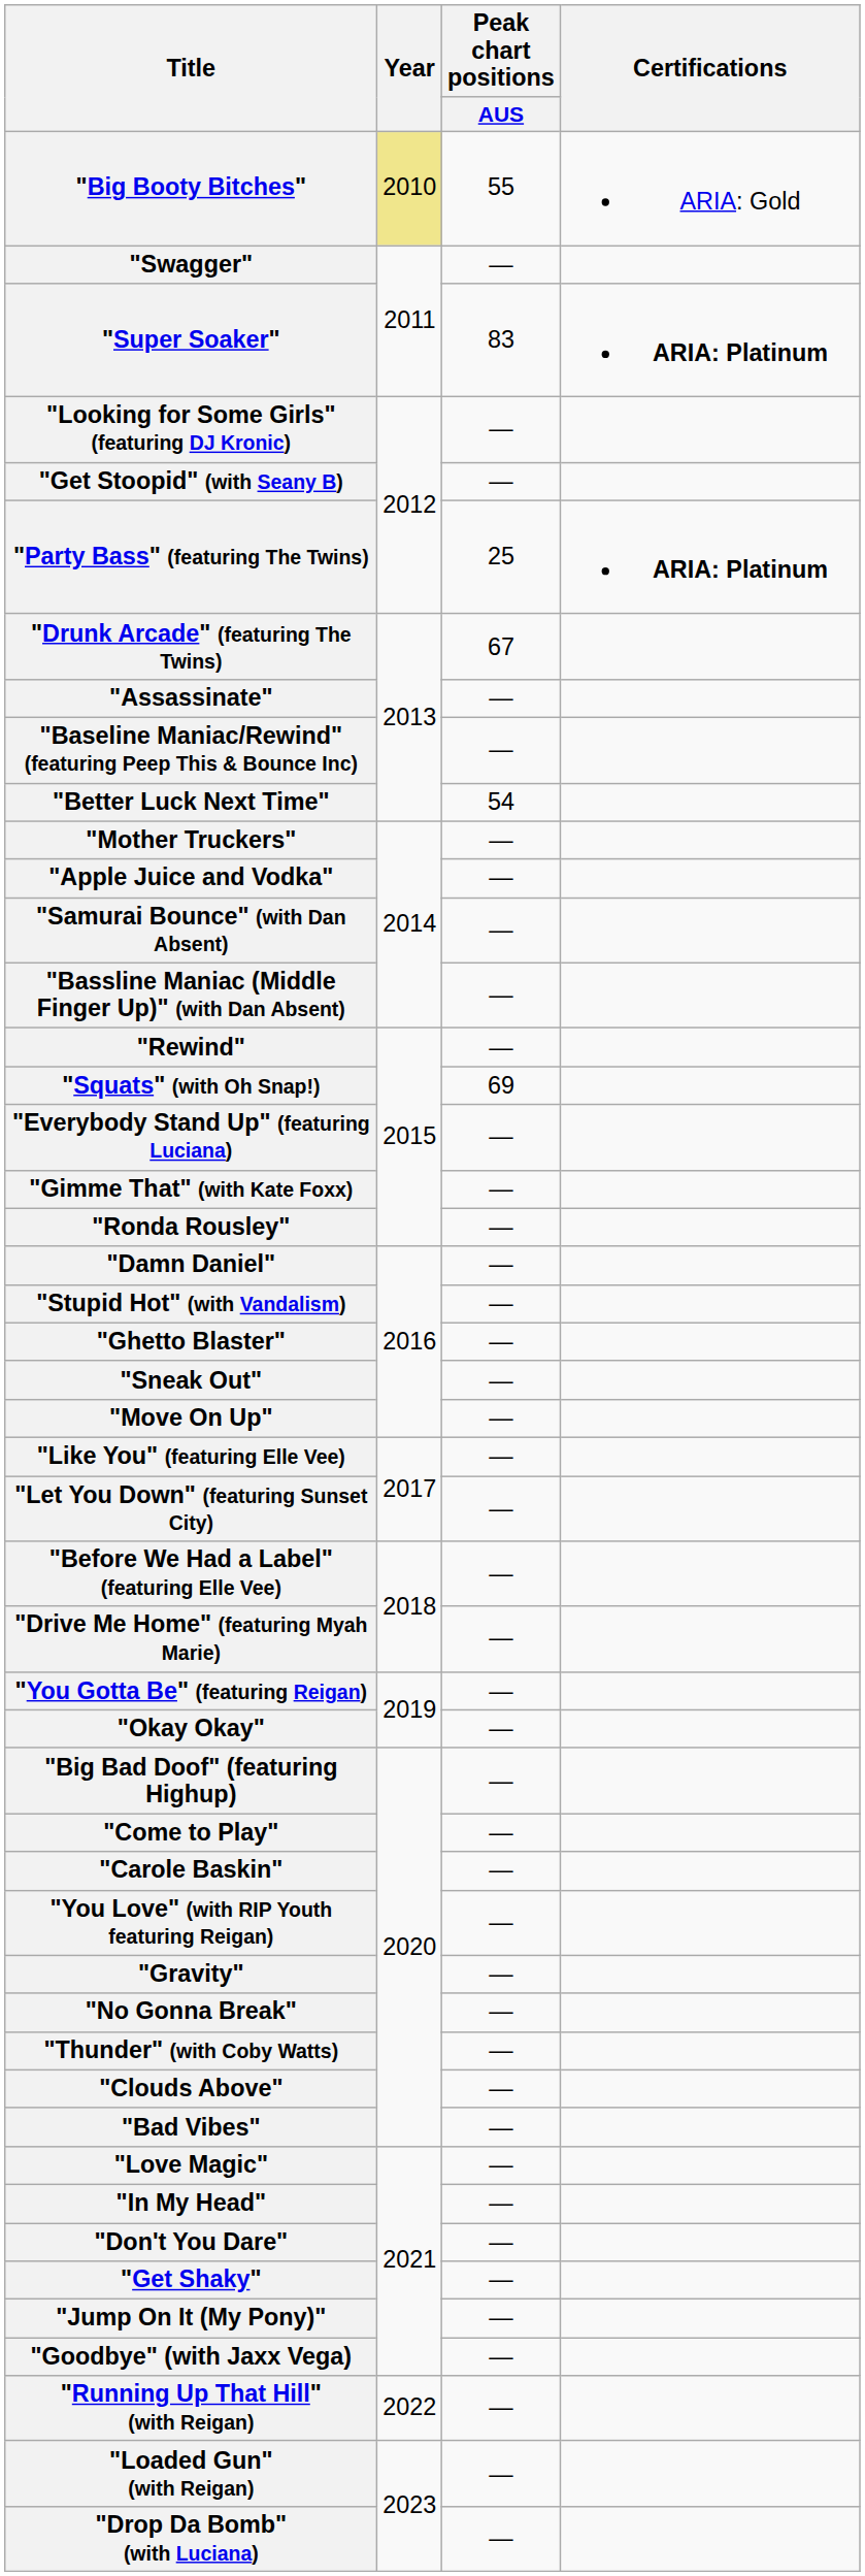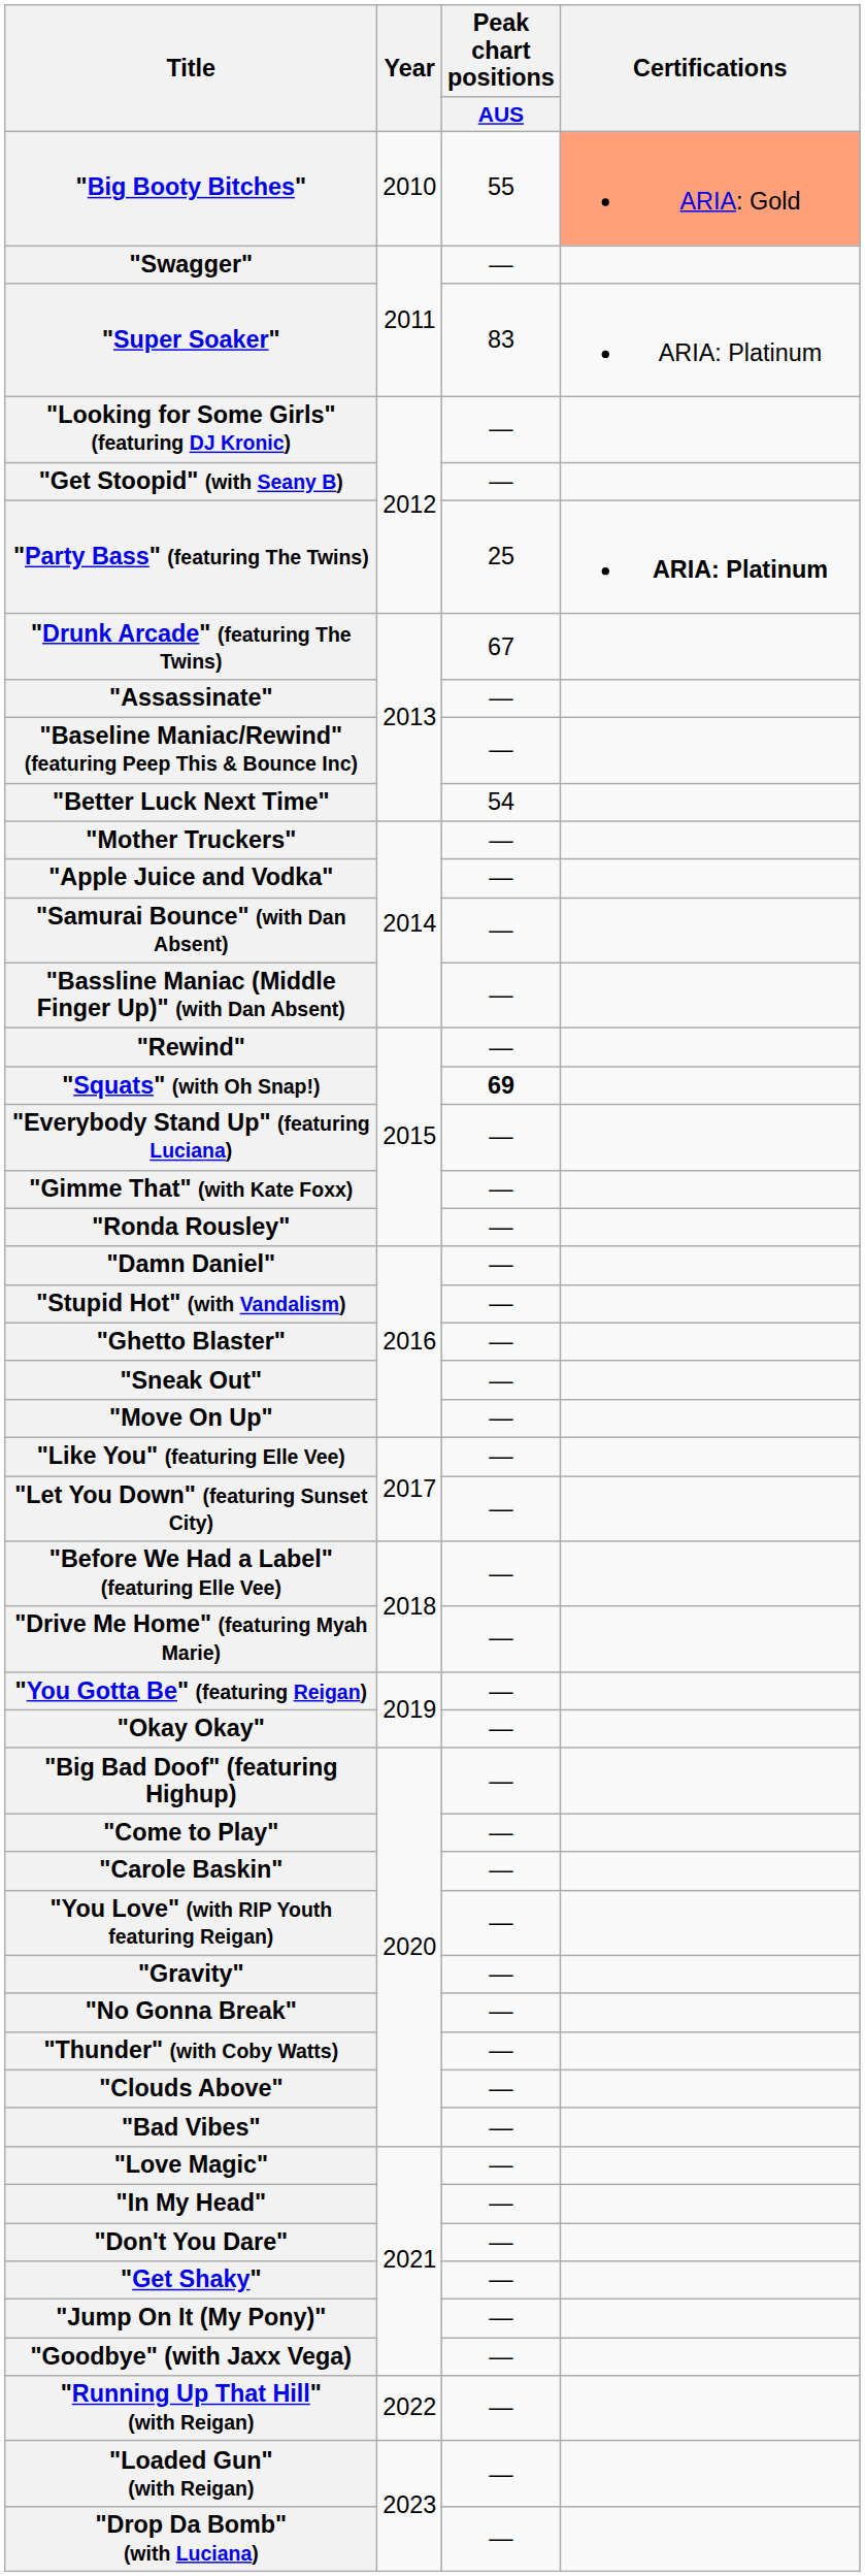 <table class="wikitable plainrowheaders" style="text-align:center;">
 <tr>
 <th scope="col" rowspan="2" style="width:15em;">Title</th>
 <th scope="col" rowspan="2" style="width:1em;">Year</th>
 <th scope="col" colspan="1">Peak chart positions</th>
 <th scope="col" rowspan="2" style="width:12em;">Certifications</th>
 </tr>
 <tr>
 <th scope="col" style="width:3em;font-size:90%;"><a href='#'>AUS</a><br></th>
 </tr>
 <tr>
 <th scope="row">"<a href='#'>Big Booty Bitches</a>"</th>
-<td style="background: khaki;">2010</td>
+<td>2010</td>
 <td>55</td>
-<td><br><ul><li><a href='#'>ARIA</a>: Gold</li></ul></td>
+<td style="background: lightsalmon;"><br><ul><li><a href='#'>ARIA</a>: Gold</li></ul></td>
 </tr>
 <tr>
 <th scope="row">"Swagger"</th>
 <td rowspan="2">2011</td>
 <td>—</td>
 <td></td>
 </tr>
 <tr>
 <th scope="row">"<a href='#'>Super Soaker</a>"</th>
 <td>83</td>
-<td><strong><br><ul><li>ARIA: Platinum</li></ul></strong></td>
+<td><br><ul><li>ARIA: Platinum</li></ul></td>
 </tr>
 <tr>
 <th scope="row">"Looking for Some Girls" <small>(featuring <a href='#'>DJ Kronic</a>)</small></th>
 <td rowspan="3">2012</td>
 <td>—</td>
 <td></td>
 </tr>
 <tr>
 <th scope="row">"Get Stoopid" <small>(with <a href='#'>Seany B</a>)</small></th>
 <td>—</td>
 <td></td>
 </tr>
 <tr>
 <th scope="row">"<a href='#'>Party Bass</a>" <small>(featuring The Twins)</small></th>
 <td>25</td>
 <td><strong><br><ul><li>ARIA: Platinum</li></ul></strong></td>
 </tr>
 <tr>
 <th scope="row">"<a href='#'>Drunk Arcade</a>" <small>(featuring The Twins)</small></th>
 <td rowspan="4">2013</td>
 <td>67</td>
 <td></td>
 </tr>
 <tr>
 <th scope="row">"Assassinate"</th>
 <td>—</td>
 <td></td>
 </tr>
 <tr>
 <th scope="row">"Baseline Maniac/Rewind" <small>(featuring Peep This & Bounce Inc)</small></th>
 <td>—</td>
 <td></td>
 </tr>
 <tr>
 <th scope="row">"Better Luck Next Time"</th>
 <td>54</td>
 <td></td>
 </tr>
 <tr>
 <th scope="row">"Mother Truckers"</th>
 <td rowspan="4">2014</td>
 <td>—</td>
 <td></td>
 </tr>
 <tr>
 <th scope="row">"Apple Juice and Vodka"</th>
 <td>—</td>
 <td></td>
 </tr>
 <tr>
 <th scope="row">"Samurai Bounce" <small>(with Dan Absent)</small></th>
 <td>—</td>
 <td></td>
 </tr>
 <tr>
 <th scope="row">"Bassline Maniac (Middle Finger Up)" <small>(with Dan Absent)</small></th>
 <td>—</td>
 <td></td>
 </tr>
 <tr>
 <th scope="row">"Rewind"</th>
 <td rowspan="5">2015</td>
 <td>—</td>
 <td></td>
 </tr>
 <tr>
 <th scope="row">"<a href='#'>Squats</a>" <small>(with Oh Snap!)</small></th>
-<td>69</td>
+<td><strong>69</strong></td>
 <td></td>
 </tr>
 <tr>
 <th scope="row">"Everybody Stand Up" <small>(featuring <a href='#'>Luciana</a>)</small></th>
 <td>—</td>
 <td></td>
 </tr>
 <tr>
 <th scope="row">"Gimme That" <small>(with Kate Foxx)</small></th>
 <td>—</td>
 <td></td>
 </tr>
 <tr>
 <th scope="row">"Ronda Rousley"</th>
 <td>—</td>
 <td></td>
 </tr>
 <tr>
 <th scope="row">"Damn Daniel"</th>
 <td rowspan="5">2016</td>
 <td>—</td>
 <td></td>
 </tr>
 <tr>
 <th scope="row">"Stupid Hot" <small>(with <a href='#'>Vandalism</a>)</small></th>
 <td>—</td>
 <td></td>
 </tr>
 <tr>
 <th scope="row">"Ghetto Blaster"</th>
 <td>—</td>
 <td></td>
 </tr>
 <tr>
 <th scope="row">"Sneak Out"</th>
 <td>—</td>
 <td></td>
 </tr>
 <tr>
 <th scope="row">"Move On Up"</th>
 <td>—</td>
 <td></td>
 </tr>
 <tr>
 <th scope="row">"Like You" <small>(featuring Elle Vee)</small></th>
 <td rowspan="2">2017</td>
 <td>—</td>
 <td></td>
 </tr>
 <tr>
 <th scope="row">"Let You Down" <small>(featuring Sunset City)</small></th>
 <td>—</td>
 <td></td>
 </tr>
 <tr>
 <th scope="row">"Before We Had a Label" <small>(featuring Elle Vee)</small></th>
 <td rowspan="2">2018</td>
 <td>—</td>
 <td></td>
 </tr>
 <tr>
 <th scope="row">"Drive Me Home" <small>(featuring Myah Marie)</small></th>
 <td>—</td>
 <td></td>
 </tr>
 <tr>
 <th scope="row">"<a href='#'>You Gotta Be</a>" <small>(featuring <a href='#'>Reigan</a>)</small></th>
 <td rowspan="2">2019</td>
 <td>—</td>
 <td></td>
 </tr>
 <tr>
 <th scope="row">"Okay Okay"</th>
 <td>—</td>
 <td></td>
 </tr>
 <tr>
 <th scope="row">"Big Bad Doof" (featuring Highup)</th>
 <td rowspan="9">2020</td>
 <td>—</td>
 <td></td>
 </tr>
 <tr>
 <th scope="row">"Come to Play"</th>
 <td>—</td>
 <td></td>
 </tr>
 <tr>
 <th scope="row">"Carole Baskin"</th>
 <td>—</td>
 <td></td>
 </tr>
 <tr>
 <th scope="row">"You Love" <small>(with RIP Youth featuring Reigan)</small></th>
 <td>—</td>
 <td></td>
 </tr>
 <tr>
 <th scope="row">"Gravity"</th>
 <td>—</td>
 <td></td>
 </tr>
 <tr>
 <th scope="row">"No Gonna Break"</th>
 <td>—</td>
 <td></td>
 </tr>
 <tr>
 <th scope="row">"Thunder" <small>(with Coby Watts)</small></th>
 <td>—</td>
 <td></td>
 </tr>
 <tr>
 <th scope="row">"Clouds Above"</th>
 <td>—</td>
 <td></td>
 </tr>
 <tr>
 <th scope="row">"Bad Vibes"</th>
 <td>—</td>
 <td></td>
 </tr>
 <tr>
 <th scope="row">"Love Magic"</th>
 <td rowspan="6">2021</td>
 <td>—</td>
 <td></td>
 </tr>
 <tr>
 <th scope="row">"In My Head"</th>
 <td>—</td>
 <td></td>
 </tr>
 <tr>
 <th scope="row">"Don't You Dare"</th>
 <td>—</td>
 <td></td>
 </tr>
 <tr>
 <th scope="row">"<a href='#'>Get Shaky</a>"</th>
 <td>—</td>
 <td></td>
 </tr>
 <tr>
 <th scope="row">"Jump On It (My Pony)"</th>
 <td>—</td>
 <td></td>
 </tr>
 <tr>
 <th scope="row">"Goodbye" (with Jaxx Vega)</th>
 <td>—</td>
 <td></td>
 </tr>
 <tr>
 <th scope="row">"<a href='#'>Running Up That Hill</a>" <br> <small>(with Reigan)</small></th>
 <td>2022</td>
 <td>—</td>
 <td></td>
 </tr>
 <tr>
 <th scope="row">"Loaded Gun" <br> <small>(with Reigan)</small></th>
 <td rowspan=2>2023</td>
 <td>—</td>
 <td></td>
 </tr>
 <tr>
 <th scope="row">"Drop Da Bomb" <br> <small>(with <a href='#'>Luciana</a>)</small></th>
 <td>—</td>
 <td></td>
 </tr>
 <tr>
 </tr>
 </table>
